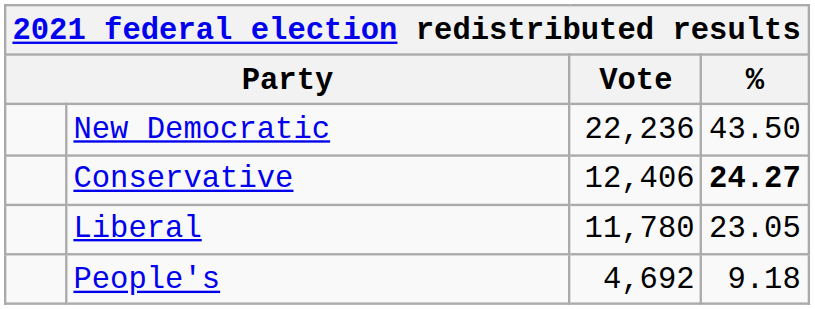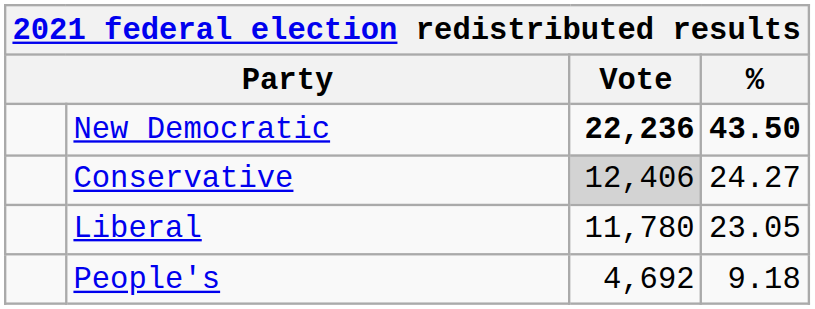 <table class="wikitable">
 <tr>
 <th colspan="4"><a href='#'>2021 federal election</a> redistributed results</th>
 </tr>
 <tr>
 <th bgcolor="#DDDDFF" width="130px" colspan="2">Party</th>
 <th bgcolor="#DDDDFF" width="50px">Vote</th>
 <th bgcolor="#DDDDFF" width="30px">%</th>
 </tr>
 <tr>
 <td> </td>
 <td><a href='#'>New Democratic</a></td>
-<td align=right>22,236</td>
-<td align=right>43.50</td>
+<td align=right><strong>22,236</strong></td>
+<td align=right><strong>43.50</strong></td>
 </tr>
 <tr>
 <td> </td>
 <td><a href='#'>Conservative</a></td>
-<td align=right>12,406</td>
-<td align=right><strong>24.27</strong></td>
+<td align=right style="background: lightgrey;">12,406</td>
+<td align=right>24.27</td>
 </tr>
 <tr>
 <td> </td>
 <td><a href='#'>Liberal</a></td>
 <td align=right>11,780</td>
 <td align=right>23.05</td>
 </tr>
 <tr>
 <td> </td>
 <td><a href='#'>People's</a></td>
 <td align=right>4,692</td>
 <td align=right>9.18</td>
 </tr>
 </table>
